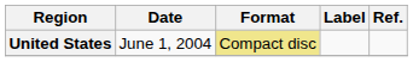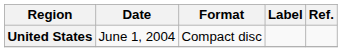 <table class="wikitable plainrowheaders">
 <tr>
 <th scope="col">Region</th>
 <th scope="col">Date</th>
 <th scope="col">Format</th>
 <th scope="col">Label</th>
 <th scope="col">Ref.</th>
 </tr>
 <tr>
 <th scope="row">United States</th>
 <td>June 1, 2004</td>
-<td style="background: khaki;">Compact disc</td>
+<td>Compact disc</td>
 <td></td>
 <td></td>
 </tr>
 <tr>
 </tr>
 </table>
